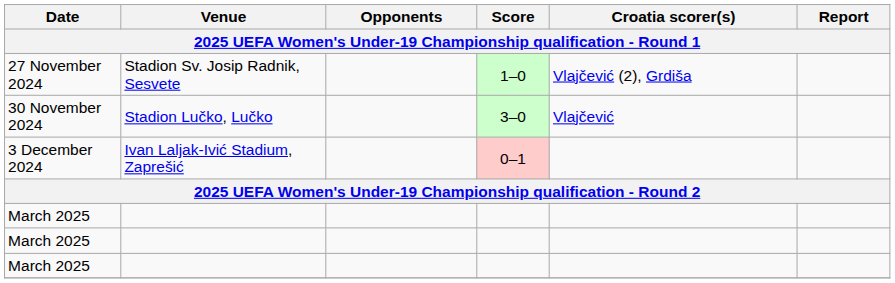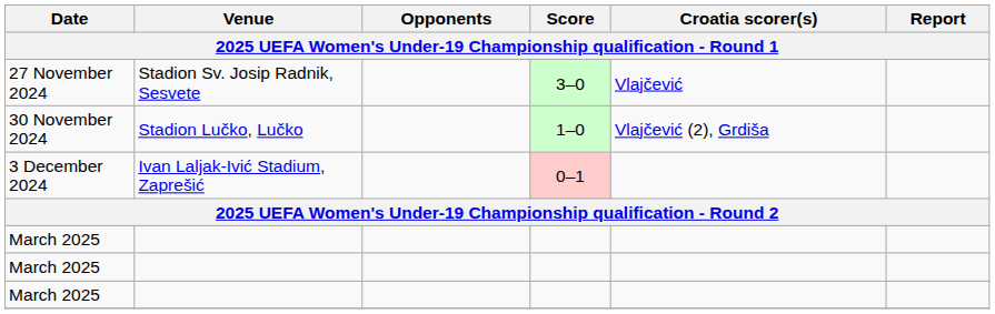 <table class="wikitable" style="font-size:95%;">
 <tr>
 <th width=125>Date</th>
 <th width=260>Venue</th>
 <th width=170>Opponents</th>
 <th width= 75>Score</th>
 <th width=320>Croatia scorer(s)</th>
 <th width=100>Report</th>
 </tr>
 <tr>
 <th colspan=7><a href='#'>2025 UEFA Women's Under-19 Championship qualification - Round 1</a></th>
 </tr>
 <tr>
 <td>27 November 2024</td>
 <td>Stadion Sv. Josip Radnik, <a href='#'>Sesvete</a></td>
 <td></td>
-<td align=center bgcolor=#CCFFCC>1–0</td>
-<td><a href='#'>Vlajčević</a> (2), <a href='#'>Grdiša</a></td>
+<td align=center bgcolor=#CCFFCC>3–0</td>
+<td><a href='#'>Vlajčević</a></td>
 <td></td>
 </tr>
 <tr>
 <td>30 November 2024</td>
 <td><a href='#'>Stadion Lučko</a>, <a href='#'>Lučko</a></td>
 <td></td>
-<td align=center bgcolor=#CCFFCC>3–0</td>
-<td><a href='#'>Vlajčević</a></td>
+<td align=center bgcolor=#CCFFCC>1–0</td>
+<td><a href='#'>Vlajčević</a> (2), <a href='#'>Grdiša</a></td>
 <td></td>
 </tr>
 <tr>
 <td>3 December 2024</td>
 <td><a href='#'>Ivan Laljak-Ivić Stadium</a>, <a href='#'>Zaprešić</a></td>
 <td></td>
 <td align="center" bgcolor="#FFCCCC">0–1</td>
 <td></td>
 <td></td>
 </tr>
 <tr>
 <th colspan=7><a href='#'>2025 UEFA Women's Under-19 Championship qualification - Round 2</a></th>
 </tr>
 <tr>
 <td>March 2025</td>
 <td></td>
 <td></td>
 <td></td>
 <td></td>
 <td></td>
 </tr>
 <tr>
 <td>March 2025</td>
 <td></td>
 <td></td>
 <td></td>
 <td></td>
 <td></td>
 </tr>
 <tr>
 <td>March 2025</td>
 <td></td>
 <td></td>
 <td></td>
 <td></td>
 <td></td>
 </tr>
 <tr>
 </tr>
 </table>
